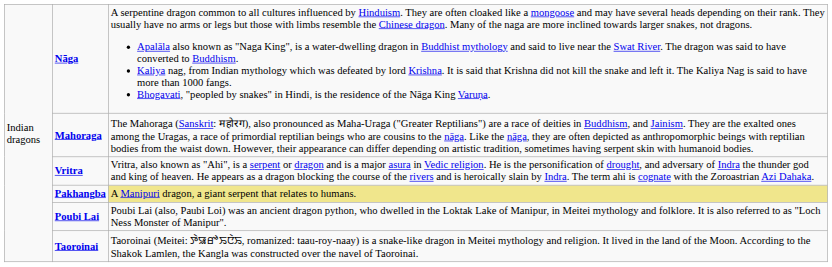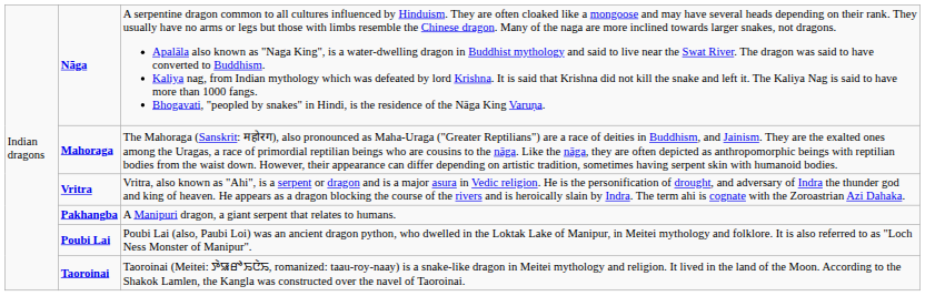 <table class="wikitable">
 <tr>
 <td rowspan="6">Indian dragons</td>
 <td><strong><a href='#'>Nāga</a></strong></td>
 <td>A serpentine dragon common to all cultures influenced by <a href='#'>Hinduism</a>. They are often cloaked like a <a href='#'>mongoose</a> and may have several heads depending on their rank. They usually have no arms or legs but those with limbs resemble the <a href='#'>Chinese dragon</a>. Many of the naga are more inclined towards larger snakes, not dragons.<br><ul><li><a href='#'>Apalāla</a> also known as "Naga King", is a water-dwelling dragon in <a href='#'>Buddhist mythology</a> and said to live near the <a href='#'>Swat River</a>. The dragon was said to have converted to <a href='#'>Buddhism</a>.</li><li><a href='#'>Kaliya</a> nag, from Indian mythology which was defeated by lord <a href='#'>Krishna</a>. It is said that Krishna did not kill the snake and left it. The Kaliya Nag is said to have more than 1000 fangs.</li><li><a href='#'>Bhogavati</a>, "peopled by snakes" in Hindi, is the residence of the Nāga King <a href='#'>Varuṇa</a>.</li></ul></td>
 </tr>
 <tr>
 <td><strong><a href='#'>Mahoraga</a></strong></td>
 <td>The Mahoraga (<a href='#'>Sanskrit</a>: महोरग), also pronounced as Maha-Uraga ("Greater Reptilians") are a race of deities in <a href='#'>Buddhism</a>, and <a href='#'>Jainism</a>. They are the exalted ones among the Uragas, a race of primordial reptilian beings who are cousins to the <a href='#'>nāga</a>. Like the <a href='#'>nāga</a>, they are often depicted as anthropomorphic beings with reptilian bodies from the waist down. However, their appearance can differ depending on artistic tradition, sometimes having serpent skin with humanoid bodies.</td>
 </tr>
 <tr>
 <td><strong><a href='#'>Vritra</a></strong></td>
 <td>Vritra, also known as "Ahi", is a <a href='#'>serpent</a> or <a href='#'>dragon</a> and is a major <a href='#'>asura</a> in <a href='#'>Vedic religion</a>. He is the personification of <a href='#'>drought</a>, and adversary of <a href='#'>Indra</a> the thunder god and king of heaven. He appears as a dragon blocking the course of the <a href='#'>rivers</a> and is heroically slain by <a href='#'>Indra</a>. The term ahi is <a href='#'>cognate</a> with the Zoroastrian <a href='#'>Azi Dahaka</a>.</td>
 </tr>
 <tr>
 <td><strong><a href='#'>Pakhangba</a></strong></td>
-<td style="background: khaki;">A <a href='#'>Manipuri</a> dragon, a giant serpent that relates to humans.</td>
+<td>A <a href='#'>Manipuri</a> dragon, a giant serpent that relates to humans.</td>
 </tr>
 <tr>
 <td><strong><a href='#'>Poubi Lai</a></strong></td>
 <td>Poubi Lai (also, Paubi Loi) was an ancient dragon python, who dwelled in the Loktak Lake of Manipur, in Meitei mythology and folklore. It is also referred to as "Loch Ness Monster of Manipur".</td>
 </tr>
 <tr>
 <td><strong><a href='#'>Taoroinai</a></strong></td>
 <td>Taoroinai (Meitei: ꯇꯥꯎꯔꯣꯢꯅꯥꯢ, romanized: taau-roy-naay) is a snake-like dragon in Meitei mythology and religion. It lived in the land of the Moon. According to the Shakok Lamlen, the Kangla was constructed over the navel of Taoroinai.</td>
 </tr>
 </table>
